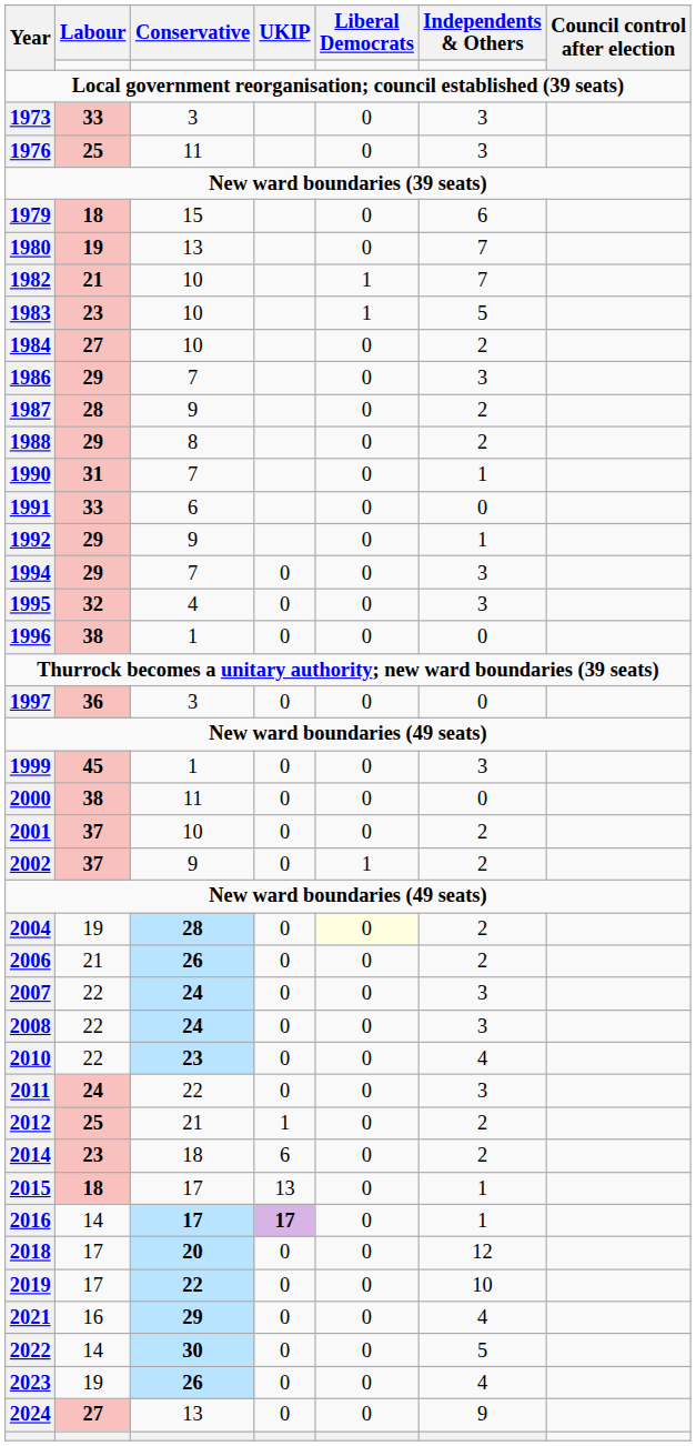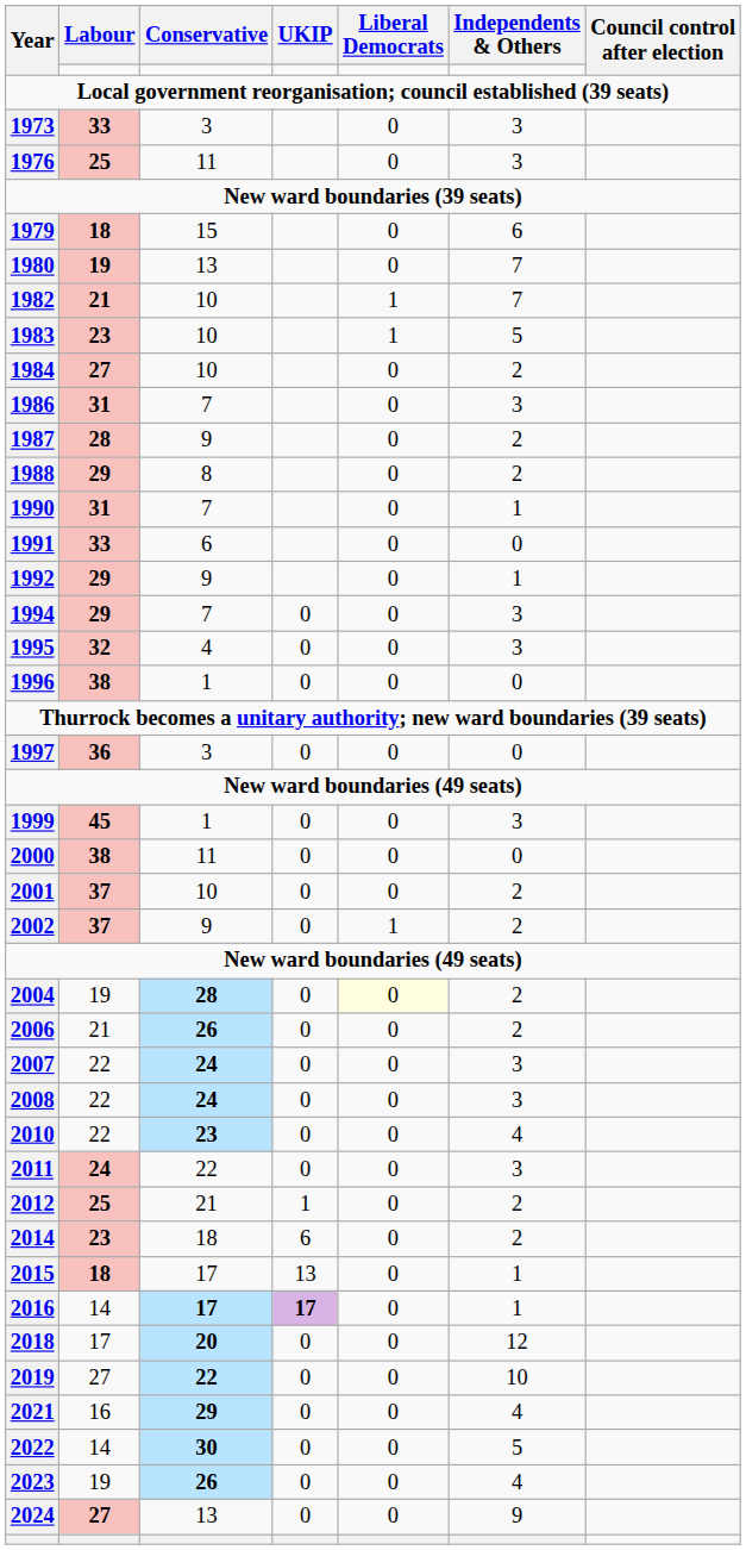 <table class="wikitable plainrowheaders" style="text-align:center">
 <tr>
 <th scope="col" rowspan="2">Year</th>
 <th scope="col"><a href='#'>Labour</a></th>
 <th scope="col"><a href='#'>Conservative</a></th>
 <th scope="col"><a href='#'>UKIP</a></th>
 <th scope="col" style="width:1px"><a href='#'>Liberal Democrats</a></th>
 <th scope="col"><a href='#'>Independents</a><br>& Others</th>
 <th scope="col" rowspan="2" colspan="2">Council control<br>after election</th>
 </tr>
 <tr>
 <td style="background:"></td>
 <td style="background:"></td>
 <td style="background:"></td>
 <td style="background:"></td>
 <td style="background:"></td>
 </tr>
 <tr>
 <td colspan="9"><strong>Local government reorganisation; council established (39 seats)</strong></td>
 </tr>
 <tr>
 <th scope="row"><a href='#'>1973</a></th>
 <td style="background:#F8C1BE;"><strong>33</strong></td>
 <td>3</td>
 <td></td>
 <td>0</td>
 <td>3</td>
 <td></td>
 </tr>
 <tr>
 <th scope="row"><a href='#'>1976</a></th>
 <td style="background:#F8C1BE;"><strong>25</strong></td>
 <td>11</td>
 <td></td>
 <td>0</td>
 <td>3</td>
 <td></td>
 </tr>
 <tr>
 <td colspan="9"><strong>New ward boundaries (39 seats)</strong></td>
 </tr>
 <tr>
 <th scope="row"><a href='#'>1979</a></th>
 <td style="background:#F8C1BE;"><strong>18</strong></td>
 <td>15</td>
 <td></td>
 <td>0</td>
 <td>6</td>
 <td></td>
 </tr>
 <tr>
 <th scope="row"><a href='#'>1980</a></th>
 <td style="background:#F8C1BE;"><strong>19</strong></td>
 <td>13</td>
 <td></td>
 <td>0</td>
 <td>7</td>
 <td></td>
 </tr>
 <tr>
 <th scope="row"><a href='#'>1982</a></th>
 <td style="background:#F8C1BE;"><strong>21</strong></td>
 <td>10</td>
 <td></td>
 <td>1</td>
 <td>7</td>
 <td></td>
 </tr>
 <tr>
 <th scope="row"><a href='#'>1983</a></th>
 <td style="background:#F8C1BE;"><strong>23</strong></td>
 <td>10</td>
 <td></td>
 <td>1</td>
 <td>5</td>
 <td></td>
 </tr>
 <tr>
 <th scope="row"><a href='#'>1984</a></th>
 <td style="background:#F8C1BE;"><strong>27</strong></td>
 <td>10</td>
 <td></td>
 <td>0</td>
 <td>2</td>
 <td></td>
 </tr>
 <tr>
 <th scope="row"><a href='#'>1986</a></th>
-<td style="background:#F8C1BE;"><strong>29</strong></td>
+<td style="background:#F8C1BE;"><strong>31</strong></td>
 <td>7</td>
 <td></td>
 <td>0</td>
 <td>3</td>
 <td></td>
 </tr>
 <tr>
 <th scope="row"><a href='#'>1987</a></th>
 <td style="background:#F8C1BE;"><strong>28</strong></td>
 <td>9</td>
 <td></td>
 <td>0</td>
 <td>2</td>
 <td></td>
 </tr>
 <tr>
 <th scope="row"><a href='#'>1988</a></th>
 <td style="background:#F8C1BE;"><strong>29</strong></td>
 <td>8</td>
 <td></td>
 <td>0</td>
 <td>2</td>
 <td></td>
 </tr>
 <tr>
 <th scope="row"><a href='#'>1990</a></th>
 <td style="background:#F8C1BE;"><strong>31</strong></td>
 <td>7</td>
 <td></td>
 <td>0</td>
 <td>1</td>
 <td></td>
 </tr>
 <tr>
 <th scope="row"><a href='#'>1991</a></th>
 <td style="background:#F8C1BE;"><strong>33</strong></td>
 <td>6</td>
 <td></td>
 <td>0</td>
 <td>0</td>
 <td></td>
 </tr>
 <tr>
 <th scope="row"><a href='#'>1992</a></th>
 <td style="background:#F8C1BE;"><strong>29</strong></td>
 <td>9</td>
 <td></td>
 <td>0</td>
 <td>1</td>
 <td></td>
 </tr>
 <tr>
 <th scope="row"><a href='#'>1994</a></th>
 <td style="background:#F8C1BE;"><strong>29</strong></td>
 <td>7</td>
 <td>0</td>
 <td>0</td>
 <td>3</td>
 <td></td>
 </tr>
 <tr>
 <th scope="row"><a href='#'>1995</a></th>
 <td style="background:#F8C1BE;"><strong>32</strong></td>
 <td>4</td>
 <td>0</td>
 <td>0</td>
 <td>3</td>
 <td></td>
 </tr>
 <tr>
 <th scope="row"><a href='#'>1996</a></th>
 <td style="background:#F8C1BE;"><strong>38</strong></td>
 <td>1</td>
 <td>0</td>
 <td>0</td>
 <td>0</td>
 <td></td>
 </tr>
 <tr>
 <td colspan="9"><strong>Thurrock becomes a <a href='#'>unitary authority</a>; new ward boundaries (39 seats)</strong></td>
 </tr>
 <tr>
 <th scope="row"><a href='#'>1997</a></th>
 <td style="background:#F8C1BE;"><strong>36</strong></td>
 <td>3</td>
 <td>0</td>
 <td>0</td>
 <td>0</td>
 <td></td>
 </tr>
 <tr>
 <td colspan="9"><strong>New ward boundaries (49 seats)</strong></td>
 </tr>
 <tr>
 <th scope="row"><a href='#'>1999</a></th>
 <td style="background:#F8C1BE;"><strong>45</strong></td>
 <td>1</td>
 <td>0</td>
 <td>0</td>
 <td>3</td>
 <td></td>
 </tr>
 <tr>
 <th scope="row"><a href='#'>2000</a></th>
 <td style="background:#F8C1BE;"><strong>38</strong></td>
 <td>11</td>
 <td>0</td>
 <td>0</td>
 <td>0</td>
 <td></td>
 </tr>
 <tr>
 <th scope="row"><a href='#'>2001</a></th>
 <td style="background:#F8C1BE;"><strong>37</strong></td>
 <td>10</td>
 <td>0</td>
 <td>0</td>
 <td>2</td>
 <td></td>
 </tr>
 <tr>
 <th scope="row"><a href='#'>2002</a></th>
 <td style="background:#F8C1BE;"><strong>37</strong></td>
 <td>9</td>
 <td>0</td>
 <td>1</td>
 <td>2</td>
 <td></td>
 </tr>
 <tr>
 <td colspan="9"><strong>New ward boundaries (49 seats)</strong></td>
 </tr>
 <tr>
 <th scope="row"><a href='#'>2004</a></th>
 <td>19</td>
 <td style="background:#B9E4FF;"><strong>28</strong></td>
 <td>0</td>
 <td style="background: lightyellow;">0</td>
 <td>2</td>
 <td></td>
 </tr>
 <tr>
 <th scope="row"><a href='#'>2006</a></th>
 <td>21</td>
 <td style="background:#B9E4FF;"><strong>26</strong></td>
 <td>0</td>
 <td>0</td>
 <td>2</td>
 <td></td>
 </tr>
 <tr>
 <th scope="row"><a href='#'>2007</a></th>
 <td>22</td>
 <td style="background:#B9E4FF;"><strong>24</strong></td>
 <td>0</td>
 <td>0</td>
 <td>3</td>
 <td></td>
 </tr>
 <tr>
 <th scope="row"><a href='#'>2008</a></th>
 <td>22</td>
 <td style="background:#B9E4FF;"><strong>24</strong></td>
 <td>0</td>
 <td>0</td>
 <td>3</td>
 <td></td>
 </tr>
 <tr>
 <th scope="row"><a href='#'>2010</a></th>
 <td>22</td>
 <td style="background:#B9E4FF;"><strong>23</strong></td>
 <td>0</td>
 <td>0</td>
 <td>4</td>
 <td></td>
 </tr>
 <tr>
 <th scope="row"><a href='#'>2011</a></th>
 <td style="background:#F8C1BE;"><strong>24</strong></td>
 <td>22</td>
 <td>0</td>
 <td>0</td>
 <td>3</td>
 <td></td>
 </tr>
 <tr>
 <th scope="row"><a href='#'>2012</a></th>
 <td style="background:#F8C1BE;"><strong>25</strong></td>
 <td>21</td>
 <td>1</td>
 <td>0</td>
 <td>2</td>
 <td></td>
 </tr>
 <tr>
 <th scope="row"><a href='#'>2014</a></th>
 <td style="background:#F8C1BE;"><strong>23</strong></td>
 <td>18</td>
 <td>6</td>
 <td>0</td>
 <td>2</td>
 <td></td>
 </tr>
 <tr>
 <th scope="row"><a href='#'>2015</a></th>
 <td style="background:#F8C1BE;"><strong>18</strong></td>
 <td>17</td>
 <td>13</td>
 <td>0</td>
 <td>1</td>
 <td></td>
 </tr>
 <tr>
 <th scope="row"><a href='#'>2016</a></th>
 <td>14</td>
 <td style="background:#B9E4FF;"><strong>17</strong></td>
 <td style="background:#D8B3E5;"><strong>17</strong></td>
 <td>0</td>
 <td>1</td>
 <td></td>
 </tr>
 <tr>
 <th scope="row"><a href='#'>2018</a></th>
 <td>17</td>
 <td style="background:#B9E4FF;"><strong>20</strong></td>
 <td>0</td>
 <td>0</td>
 <td>12</td>
 <td></td>
 </tr>
 <tr>
 <th scope="row"><a href='#'>2019</a></th>
-<td>17</td>
+<td>27</td>
 <td style="background:#B9E4FF;"><strong>22</strong></td>
 <td>0</td>
 <td>0</td>
 <td>10</td>
 <td></td>
 </tr>
 <tr>
 <th scope="row"><a href='#'>2021</a></th>
 <td>16</td>
 <td style="background:#B9E4FF;"><strong>29</strong></td>
 <td>0</td>
 <td>0</td>
 <td>4</td>
 <td></td>
 </tr>
 <tr>
 <th scope="row"><a href='#'>2022</a></th>
 <td>14</td>
 <td style="background:#B9E4FF;"><strong>30</strong></td>
 <td>0</td>
 <td>0</td>
 <td>5</td>
 <td></td>
 </tr>
 <tr>
 <th scope="row"><a href='#'>2023</a></th>
 <td>19</td>
 <td style="background:#B9E4FF;"><strong>26</strong></td>
 <td>0</td>
 <td>0</td>
 <td>4</td>
 <td></td>
 </tr>
 <tr>
 <th scope="row"><a href='#'>2024</a></th>
 <td style="background:#F8C1BE;"><strong>27</strong></td>
 <td>13</td>
 <td>0</td>
 <td>0</td>
 <td>9</td>
 <td></td>
 </tr>
 <tr>
 <th></th>
 <th style="background-color: "></th>
 <th style="background-color: "></th>
 <th style="background-color: "></th>
 <th style="background-color: "></th>
 <th style="background-color: "></th>
 </tr>
 </table>
